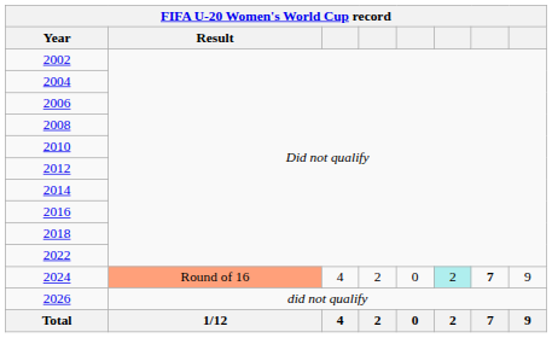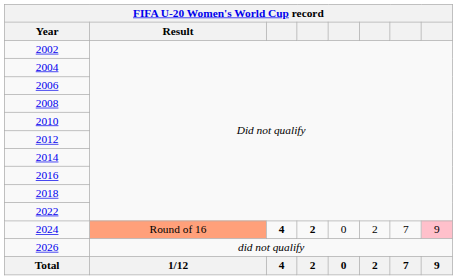 <table class="wikitable" style="text-align: center; width:50%;">
 <tr>
 <th colspan=8><a href='#'>FIFA U-20 Women's World Cup</a> record</th>
 </tr>
 <tr>
 <th>Year</th>
 <th>Result</th>
 <th></th>
 <th></th>
 <th></th>
 <th></th>
 <th></th>
 <th></th>
 </tr>
 <tr>
 <td> <a href='#'>2002</a></td>
 <td colspan=7 rowspan=10><em>Did not qualify</em></td>
 </tr>
 <tr>
 <td> <a href='#'>2004</a></td>
 </tr>
 <tr>
 <td> <a href='#'>2006</a></td>
 </tr>
 <tr>
 <td> <a href='#'>2008</a></td>
 </tr>
 <tr>
 <td> <a href='#'>2010</a></td>
 </tr>
 <tr>
 <td> <a href='#'>2012</a></td>
 </tr>
 <tr>
 <td> <a href='#'>2014</a></td>
 </tr>
 <tr>
 <td> <a href='#'>2016</a></td>
 </tr>
 <tr>
 <td> <a href='#'>2018</a></td>
 </tr>
 <tr>
 <td> <a href='#'>2022</a></td>
 </tr>
 <tr>
 <td> <a href='#'>2024</a></td>
 <td style="background: lightsalmon;">Round of 16</td>
-<td>4</td>
+<td><strong>4</strong></td>
+<td><strong>2</strong></td>
+<td>0</td>
 <td>2</td>
-<td>0</td>
-<td style="background: paleturquoise;">2</td>
-<td><strong>7</strong></td>
-<td>9</td>
+<td>7</td>
+<td style="background: pink;">9</td>
 </tr>
 <tr>
 <td> <a href='#'>2026</a></td>
 <td colspan=7><em>did not qualify</em></td>
 </tr>
 <tr>
 <th>Total</th>
 <th>1/12</th>
 <th>4</th>
 <th>2</th>
 <th>0</th>
 <th>2</th>
 <th>7</th>
 <th>9</th>
 </tr>
 </table>
